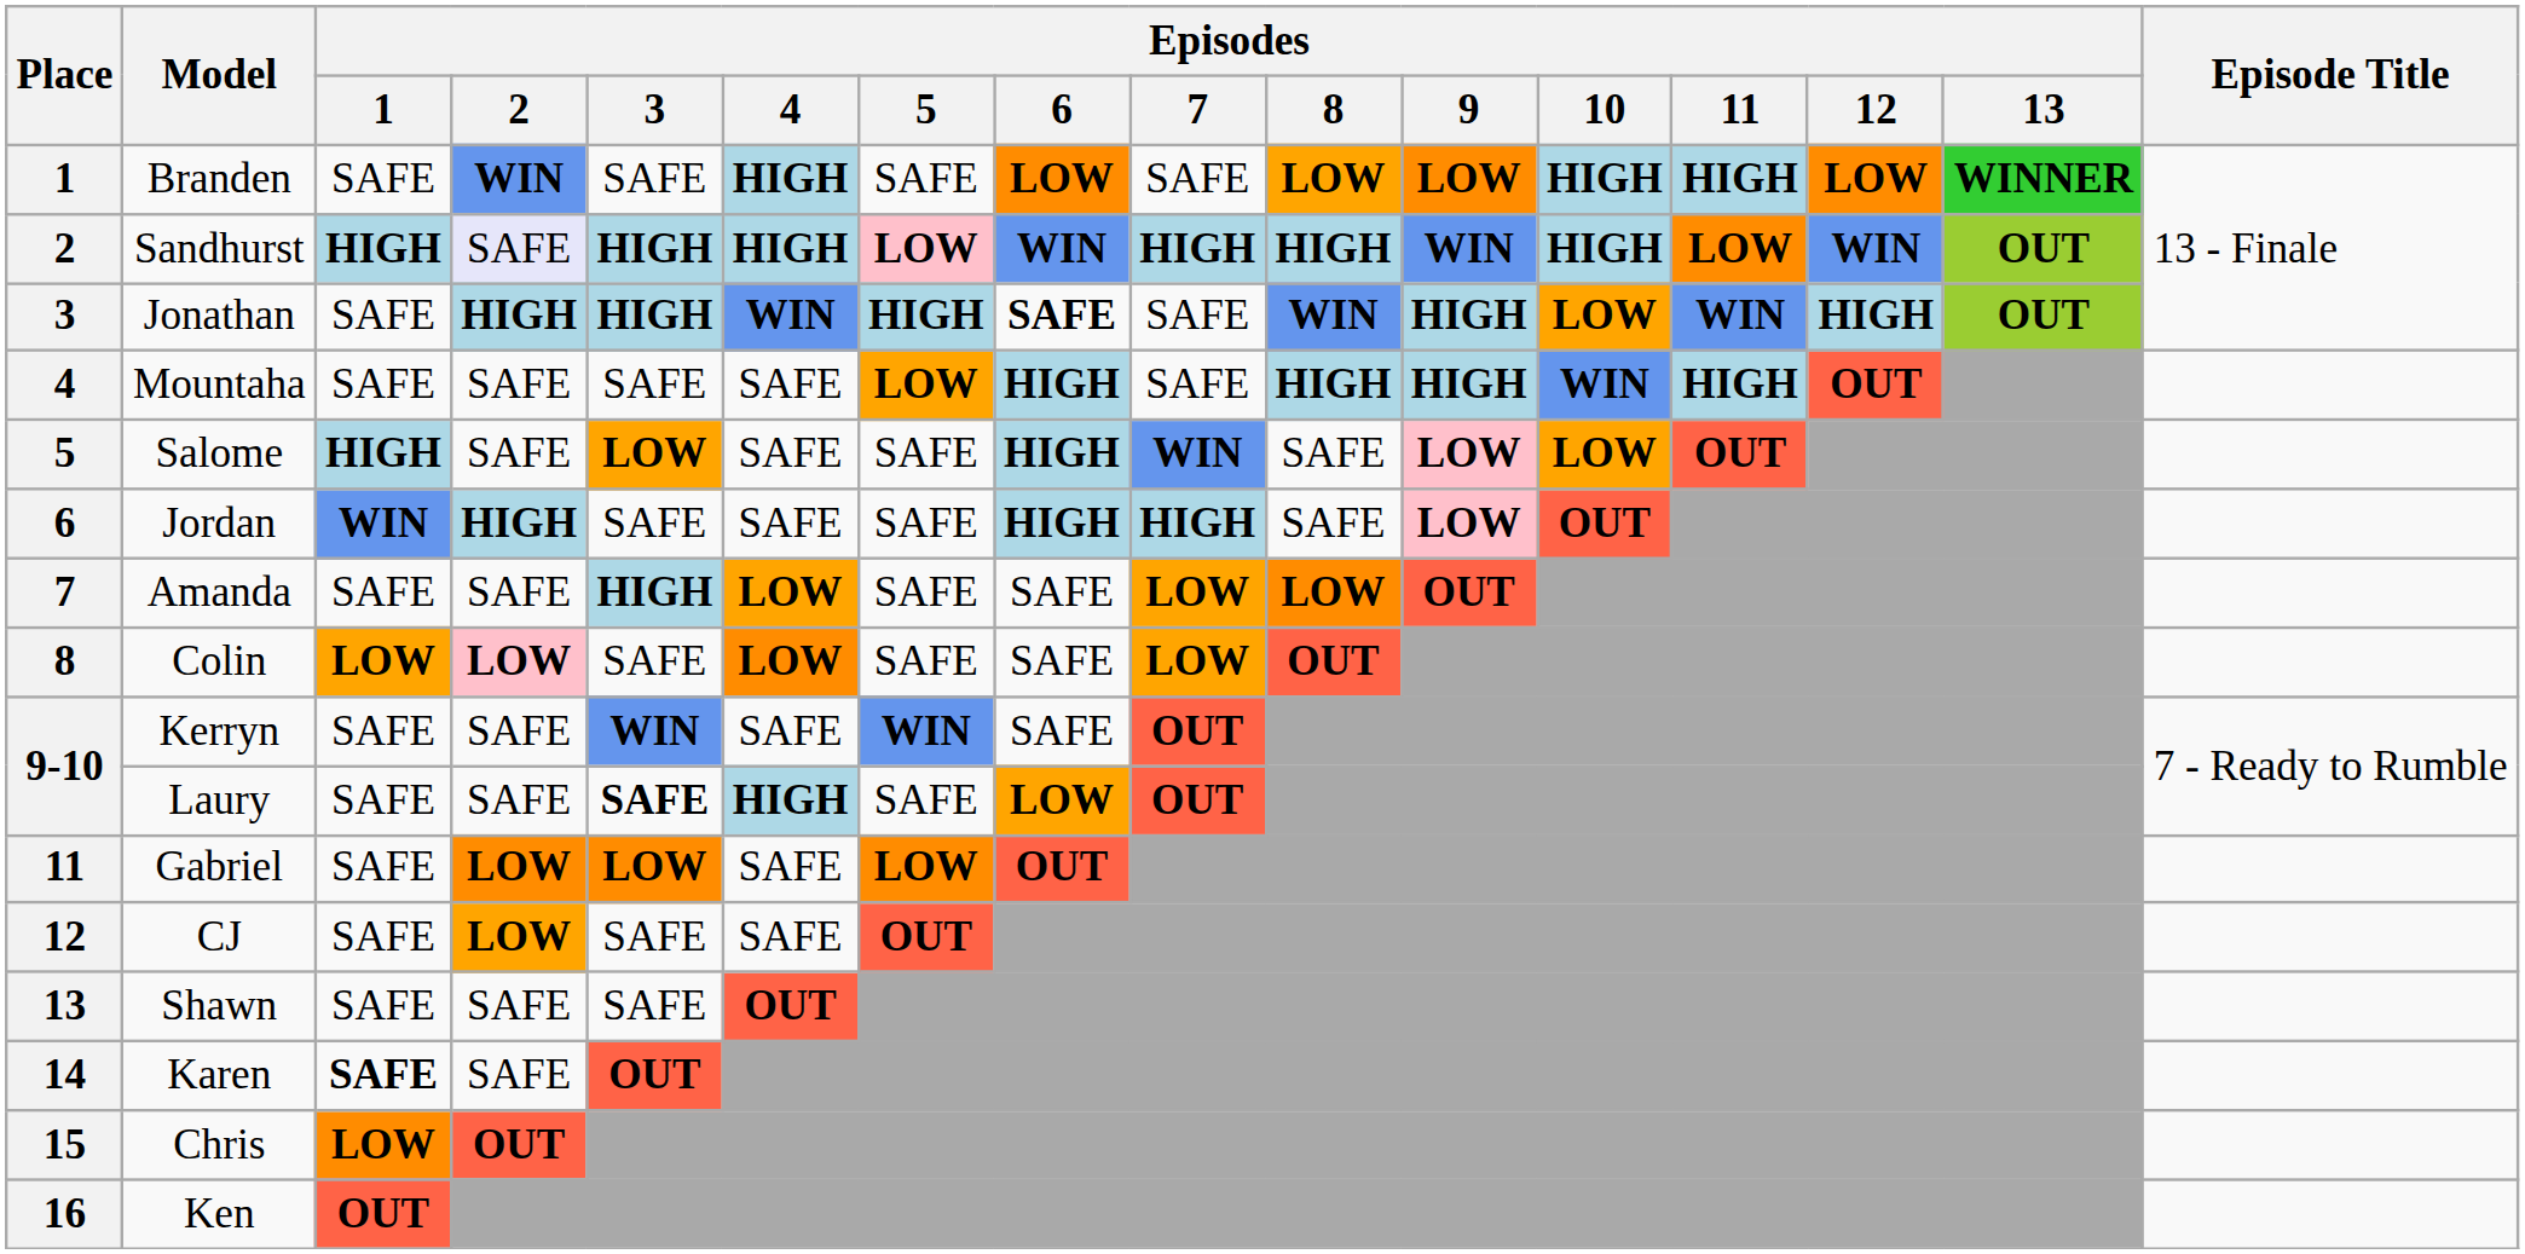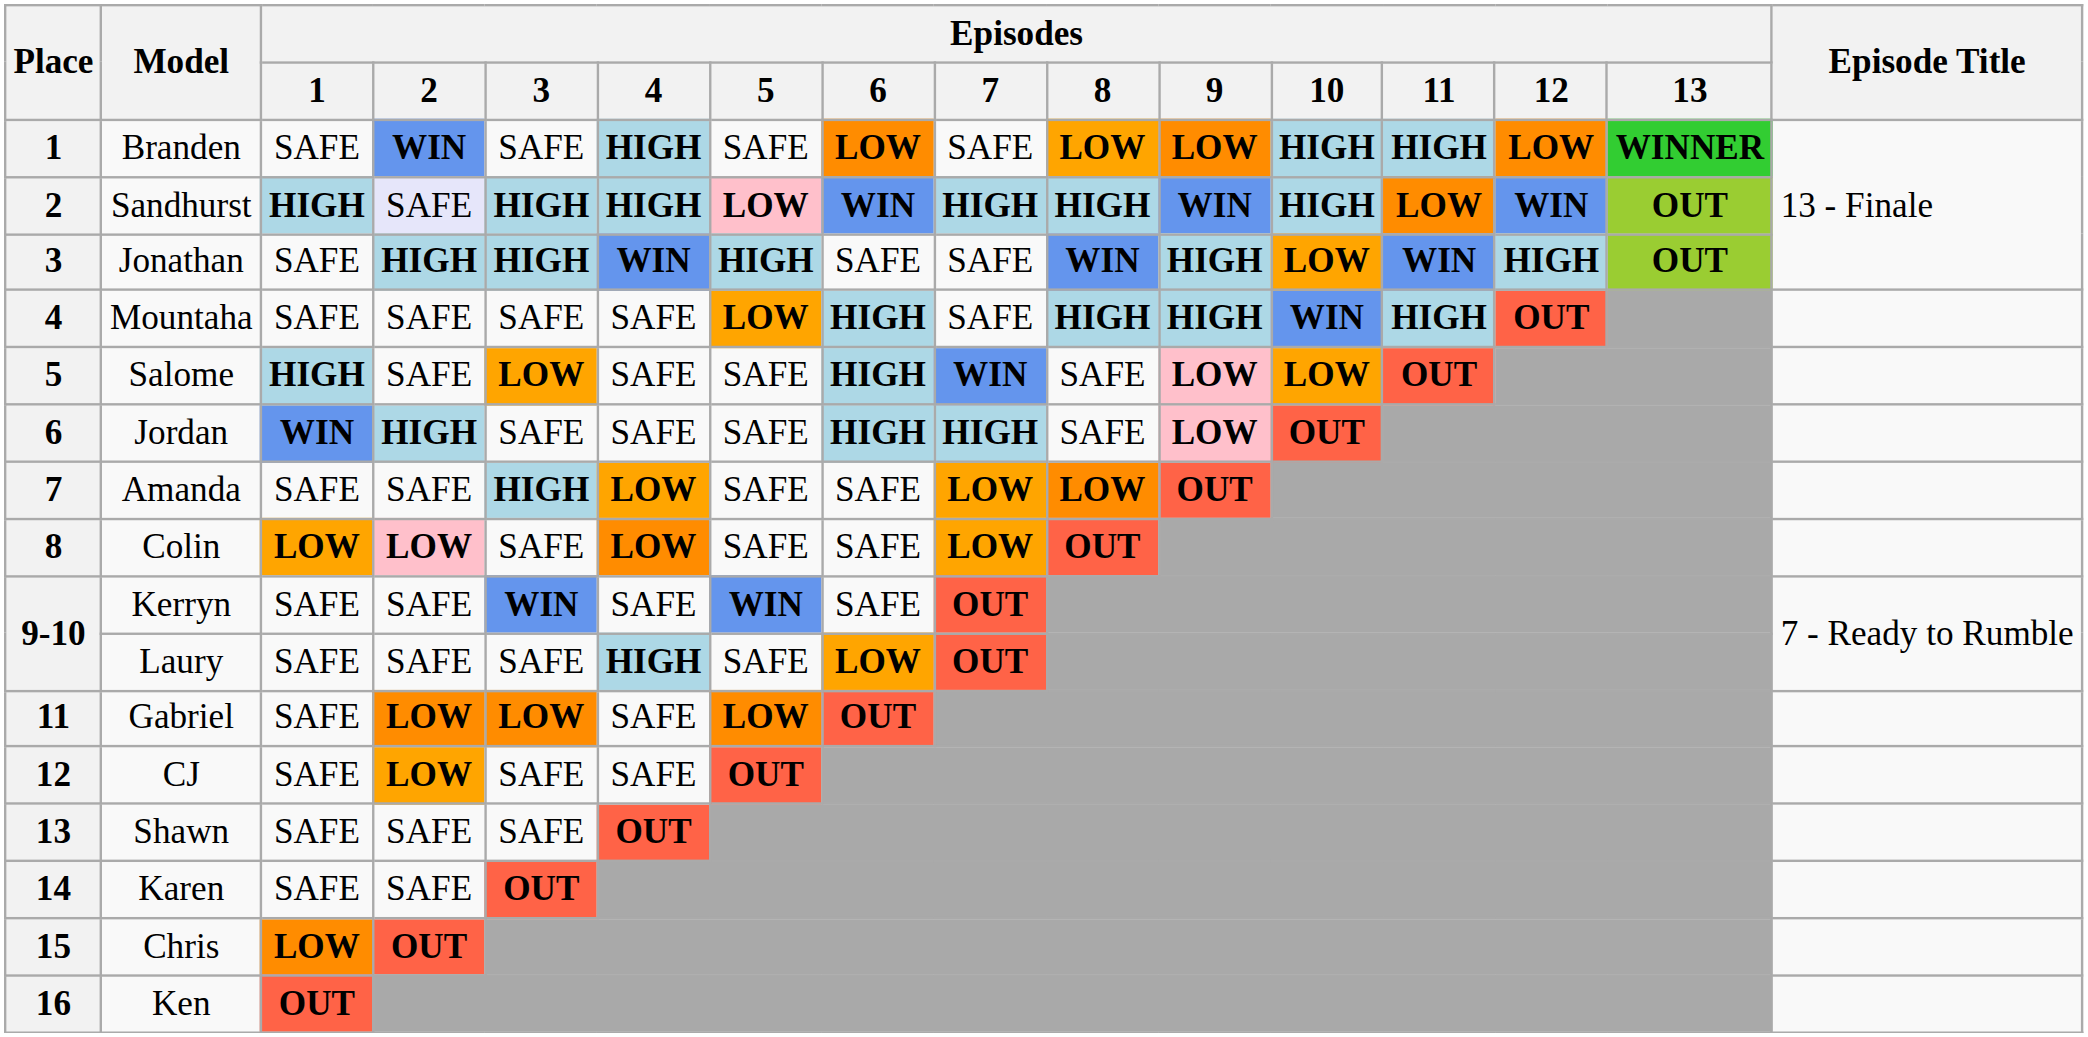 <table class="wikitable" style="text-align:center; font-size:92%">
 <tr>
 <th rowspan="2">Place</th>
 <th rowspan="2">Model</th>
 <th colspan="13">Episodes</th>
 <th rowspan="2">Episode Title</th>
 </tr>
 <tr>
 <th>1</th>
 <th>2</th>
 <th>3</th>
 <th>4</th>
 <th>5</th>
 <th>6</th>
 <th>7</th>
 <th>8</th>
 <th>9</th>
 <th>10</th>
 <th>11</th>
 <th>12</th>
 <th>13</th>
 </tr>
 <tr>
 <th>1</th>
 <td>Branden</td>
 <td>SAFE</td>
 <td bgcolor="cornflowerblue"><strong>WIN</strong></td>
 <td>SAFE</td>
 <td style="background:lightblue;"><strong>HIGH</strong></td>
 <td>SAFE</td>
 <td bgcolor="darkorange"><strong>LOW</strong></td>
 <td>SAFE</td>
 <td style="background:orange;"><strong>LOW</strong></td>
 <td bgcolor="darkorange"><strong>LOW</strong></td>
 <td style="background:lightblue;"><strong>HIGH</strong></td>
 <td style="background:lightblue;"><strong>HIGH</strong></td>
 <td bgcolor="darkorange"><strong>LOW</strong></td>
 <td style="background:limegreen;"><strong>WINNER</strong></td>
 <td rowspan=3 align ="left">13 - Finale</td>
 </tr>
 <tr>
 <th>2</th>
 <td>Sandhurst</td>
 <td style="background:lightblue;"><strong>HIGH </strong></td>
 <td style="background: lavender;">SAFE</td>
 <td style="background:lightblue;"><strong>HIGH</strong></td>
 <td style="background:lightblue;"><strong>HIGH</strong></td>
 <td style="background:pink;"><strong>LOW</strong></td>
 <td bgcolor="cornflowerblue"><strong>WIN</strong></td>
 <td style="background:lightblue;"><strong>HIGH </strong></td>
 <td style="background:lightblue;"><strong>HIGH </strong></td>
 <td bgcolor="cornflowerblue"><strong>WIN</strong></td>
 <td style="background:lightblue;"><strong>HIGH</strong></td>
 <td style="background:darkorange;"><strong>LOW</strong></td>
 <td bgcolor="cornflowerblue"><strong>WIN</strong></td>
 <td style="background:yellowgreen;"><strong>OUT</strong></td>
 </tr>
 <tr>
 <th>3</th>
 <td>Jonathan</td>
 <td>SAFE</td>
 <td style="background:lightblue;"><strong>HIGH</strong></td>
 <td style="background:lightblue;"><strong>HIGH</strong></td>
 <td bgcolor="cornflowerblue"><strong>WIN</strong></td>
 <td style="background:lightblue;"><strong>HIGH</strong></td>
-<td><strong>SAFE</strong></td>
+<td>SAFE</td>
 <td>SAFE</td>
 <td bgcolor="cornflowerblue"><strong>WIN</strong></td>
 <td style="background:lightblue;"><strong>HIGH</strong></td>
 <td style="background:orange;"><strong>LOW</strong></td>
 <td bgcolor="cornflowerblue"><strong>WIN</strong></td>
 <td style="background:lightblue;"><strong>HIGH</strong></td>
 <td style="background:yellowgreen;"><strong>OUT</strong></td>
 </tr>
 <tr>
 <th>4</th>
 <td>Mountaha</td>
 <td>SAFE</td>
 <td>SAFE</td>
 <td>SAFE</td>
 <td>SAFE</td>
 <td style="background:orange;"><strong>LOW</strong></td>
 <td style="background:lightblue;"><strong>HIGH</strong></td>
 <td>SAFE</td>
 <td style="background:lightblue;"><strong>HIGH</strong></td>
 <td style="background:lightblue;"><strong>HIGH</strong></td>
 <td bgcolor="cornflowerblue"><strong>WIN</strong></td>
 <td style="background:lightblue;"><strong>HIGH</strong></td>
 <td style="background:tomato;"><strong>OUT</strong></td>
 <td style="background:darkgray;" colspan="1"></td>
 <td align ="left"></td>
 </tr>
 <tr>
 <th>5</th>
 <td>Salome</td>
 <td style="background:lightblue;"><strong>HIGH</strong></td>
 <td>SAFE</td>
 <td style="background:orange;"><strong>LOW</strong></td>
 <td>SAFE</td>
 <td>SAFE</td>
 <td style="background:lightblue;"><strong>HIGH</strong></td>
 <td bgcolor="cornflowerblue"><strong>WIN</strong></td>
 <td>SAFE</td>
 <td style="background:pink;"><strong>LOW</strong></td>
 <td style="background:orange;"><strong>LOW</strong></td>
 <td style="background:tomato;"><strong>OUT</strong></td>
 <td style="background:darkgray;" colspan="2"></td>
 <td align ="left"></td>
 </tr>
 <tr>
 <th>6</th>
 <td>Jordan</td>
 <td bgcolor="cornflowerblue"><strong>WIN</strong></td>
 <td style="background:lightblue;"><strong>HIGH</strong></td>
 <td>SAFE</td>
 <td>SAFE</td>
 <td>SAFE</td>
 <td style="background:lightblue;"><strong>HIGH</strong></td>
 <td style="background:lightblue;"><strong>HIGH</strong></td>
 <td>SAFE</td>
 <td style="background:pink;"><strong>LOW</strong></td>
 <td style="background:tomato;"><strong>OUT</strong></td>
 <td style="background:darkgray;" colspan="3"></td>
 <td align ="left"></td>
 </tr>
 <tr>
 <th>7</th>
 <td>Amanda</td>
 <td>SAFE</td>
 <td>SAFE</td>
 <td style="background:lightblue;"><strong>HIGH</strong></td>
 <td style="background:orange;"><strong>LOW</strong></td>
 <td>SAFE</td>
 <td>SAFE</td>
 <td style="background:orange;"><strong>LOW</strong></td>
 <td bgcolor="darkorange"><strong>LOW</strong></td>
 <td style="background:tomato;"><strong>OUT</strong></td>
 <td style="background:darkgray;" colspan="4"></td>
 <td align ="left"></td>
 </tr>
 <tr>
 <th>8</th>
 <td>Colin</td>
 <td style="background:orange;"><strong>LOW</strong></td>
 <td style="background:pink;"><strong>LOW</strong></td>
 <td>SAFE</td>
 <td bgcolor="darkorange"><strong>LOW</strong></td>
 <td>SAFE</td>
 <td>SAFE</td>
 <td style="background:orange;"><strong>LOW</strong></td>
 <td style="background:tomato;"><strong>OUT</strong></td>
 <td style="background:darkgray;" colspan="5"></td>
 <td align ="left"></td>
 </tr>
 <tr>
 <th rowspan="2">9-10</th>
 <td>Kerryn</td>
 <td>SAFE</td>
 <td>SAFE</td>
 <td bgcolor="cornflowerblue"><strong>WIN</strong></td>
 <td>SAFE</td>
 <td bgcolor="cornflowerblue"><strong>WIN</strong></td>
 <td>SAFE</td>
 <td style="background:tomato;"><strong>OUT</strong></td>
 <td style="background:darkgray;" colspan="6"></td>
 <td rowspan="2" align ="left">7 - Ready to Rumble</td>
 </tr>
 <tr>
 <td>Laury</td>
 <td>SAFE</td>
 <td>SAFE</td>
-<td><strong>SAFE</strong></td>
+<td>SAFE</td>
 <td style="background:lightblue;"><strong>HIGH</strong></td>
 <td>SAFE</td>
 <td style="background:orange;"><strong>LOW</strong></td>
 <td style="background:tomato;"><strong>OUT</strong></td>
 <td style="background:darkgray;" colspan="6"></td>
 </tr>
 <tr>
 <th>11</th>
 <td>Gabriel</td>
 <td>SAFE</td>
 <td bgcolor="darkorange"><strong>LOW</strong></td>
 <td bgcolor="darkorange"><strong>LOW</strong></td>
 <td>SAFE</td>
 <td bgcolor="darkorange"><strong>LOW</strong></td>
 <td style="background:tomato;"><strong>OUT</strong></td>
 <td style="background:darkgray;" colspan="7"></td>
 <td align ="left"></td>
 </tr>
 <tr>
 <th>12</th>
 <td>CJ</td>
 <td>SAFE</td>
 <td style="background:orange;"><strong>LOW</strong></td>
 <td>SAFE</td>
 <td>SAFE</td>
 <td style="background:tomato;"><strong>OUT</strong></td>
 <td style="background:darkgray;" colspan="8"></td>
 <td align ="left"></td>
 </tr>
 <tr>
 <th>13</th>
 <td>Shawn</td>
 <td>SAFE</td>
 <td>SAFE</td>
 <td>SAFE</td>
 <td style="background:tomato;"><strong>OUT</strong></td>
 <td style="background:darkgray;" colspan="9"></td>
 <td align ="left"></td>
 </tr>
 <tr>
 <th>14</th>
 <td>Karen</td>
-<td><strong>SAFE</strong></td>
+<td>SAFE</td>
 <td>SAFE</td>
 <td style="background:tomato;"><strong>OUT</strong></td>
 <td style="background:darkgray;" colspan="10"></td>
 <td align ="left"></td>
 </tr>
 <tr>
 <th>15</th>
 <td>Chris</td>
 <td bgcolor="darkorange"><strong>LOW</strong></td>
 <td style="background:tomato;"><strong>OUT</strong></td>
 <td style="background:darkgray;" colspan="11"></td>
 <td align ="left"></td>
 </tr>
 <tr>
 <th>16</th>
 <td>Ken</td>
 <td style="background:tomato;"><strong>OUT</strong></td>
 <td style="background:darkgray;" colspan="12"></td>
 <td align ="left"></td>
 </tr>
 <tr>
 </tr>
 </table>
